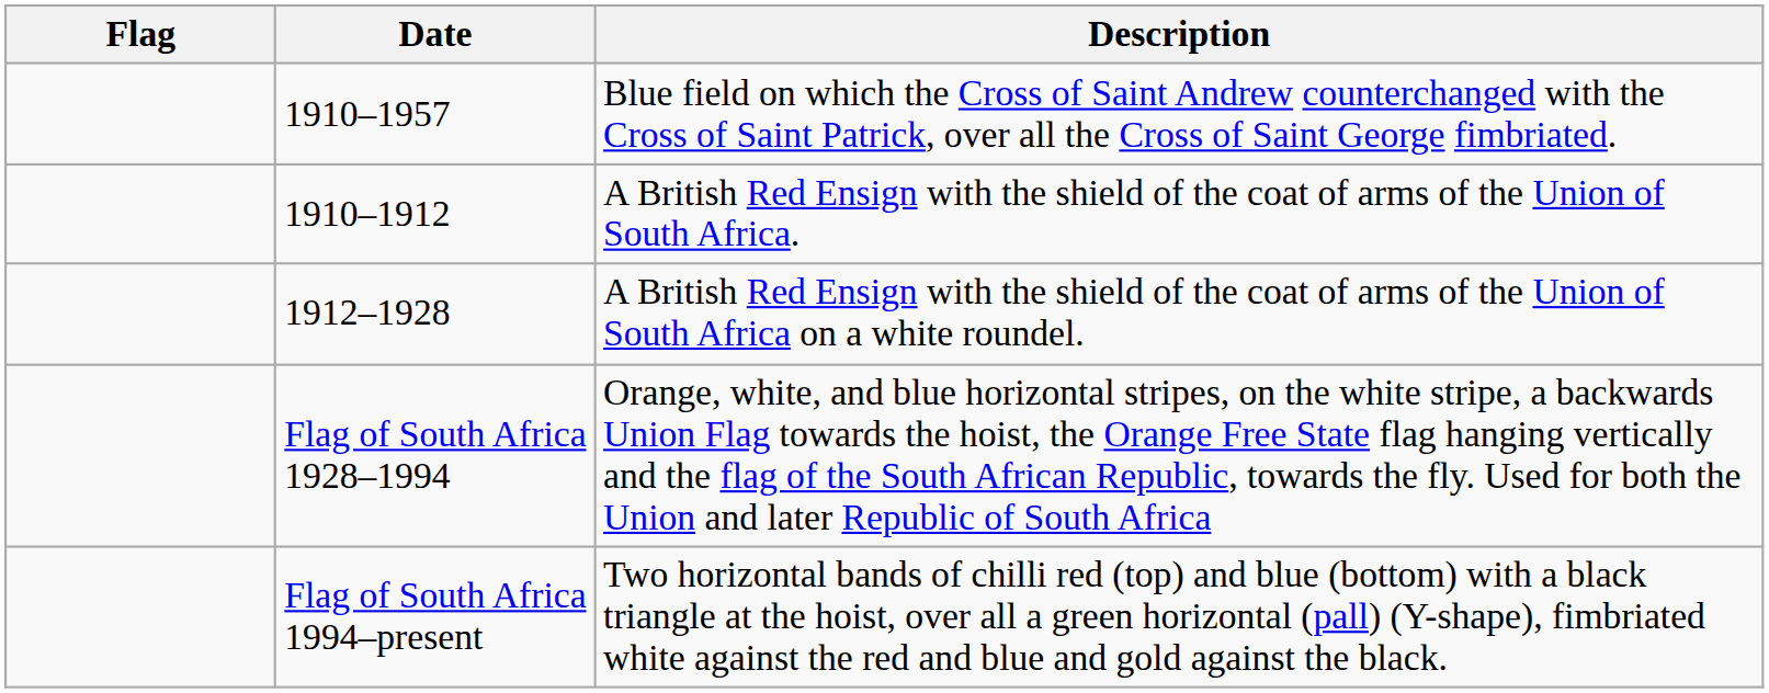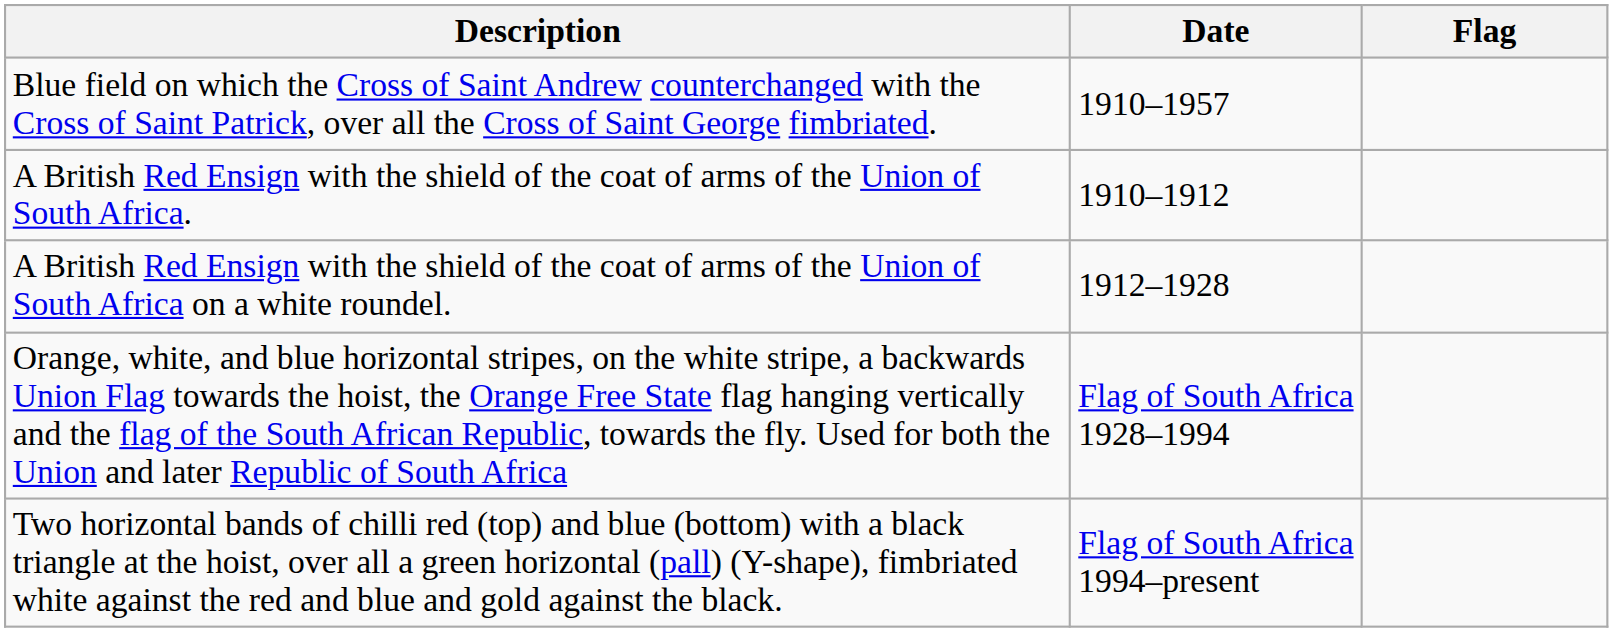 <table class="wikitable" style="background: #f9f9f9">
 <tr>
+<th width="500">Description</th>
+<th>Date</th>
 <th width="110">Flag</th>
-<th>Date</th>
-<th width="500">Description</th>
 </tr>
 <tr>
+<td>Blue field on which the <a href='#'>Cross of Saint Andrew</a> <a href='#'>counterchanged</a> with the <a href='#'>Cross of Saint Patrick</a>, over all the <a href='#'>Cross of Saint George</a> <a href='#'>fimbriated</a>.</td>
+<td>1910–1957</td>
 <td></td>
-<td>1910–1957</td>
-<td>Blue field on which the <a href='#'>Cross of Saint Andrew</a> <a href='#'>counterchanged</a> with the <a href='#'>Cross of Saint Patrick</a>, over all the <a href='#'>Cross of Saint George</a> <a href='#'>fimbriated</a>.</td>
 </tr>
 <tr>
+<td>A British <a href='#'>Red Ensign</a> with the shield of the coat of arms of the <a href='#'>Union of South Africa</a>.</td>
+<td>1910–1912</td>
 <td></td>
-<td>1910–1912</td>
-<td>A British <a href='#'>Red Ensign</a> with the shield of the coat of arms of the <a href='#'>Union of South Africa</a>.</td>
 </tr>
 <tr>
+<td>A British <a href='#'>Red Ensign</a> with the shield of the coat of arms of the <a href='#'>Union of South Africa</a> on a white roundel.</td>
+<td>1912–1928</td>
 <td></td>
-<td>1912–1928</td>
-<td>A British <a href='#'>Red Ensign</a> with the shield of the coat of arms of the <a href='#'>Union of South Africa</a> on a white roundel.</td>
 </tr>
 <tr>
+<td>Orange, white, and blue horizontal stripes, on the white stripe, a backwards <a href='#'>Union Flag</a> towards the hoist, the <a href='#'>Orange Free State</a> flag hanging vertically and the <a href='#'>flag of the South African Republic</a>, towards the fly. Used for both the <a href='#'>Union</a> and later <a href='#'>Republic of South Africa</a></td>
+<td><a href='#'>Flag of South Africa</a><br>1928–1994</td>
 <td></td>
-<td><a href='#'>Flag of South Africa</a><br>1928–1994</td>
-<td>Orange, white, and blue horizontal stripes, on the white stripe, a backwards <a href='#'>Union Flag</a> towards the hoist, the <a href='#'>Orange Free State</a> flag hanging vertically and the <a href='#'>flag of the South African Republic</a>, towards the fly. Used for both the <a href='#'>Union</a> and later <a href='#'>Republic of South Africa</a></td>
 </tr>
 <tr>
+<td>Two horizontal bands of chilli red (top) and blue (bottom) with a black triangle at the hoist, over all a green horizontal (<a href='#'>pall</a>) (Y-shape), fimbriated white against the red and blue and gold against the black.</td>
+<td><a href='#'>Flag of South Africa</a><br>1994–present</td>
 <td></td>
-<td><a href='#'>Flag of South Africa</a><br>1994–present</td>
-<td>Two horizontal bands of chilli red (top) and blue (bottom) with a black triangle at the hoist, over all a green horizontal (<a href='#'>pall</a>) (Y-shape), fimbriated white against the red and blue and gold against the black.</td>
 </tr>
 </table>
